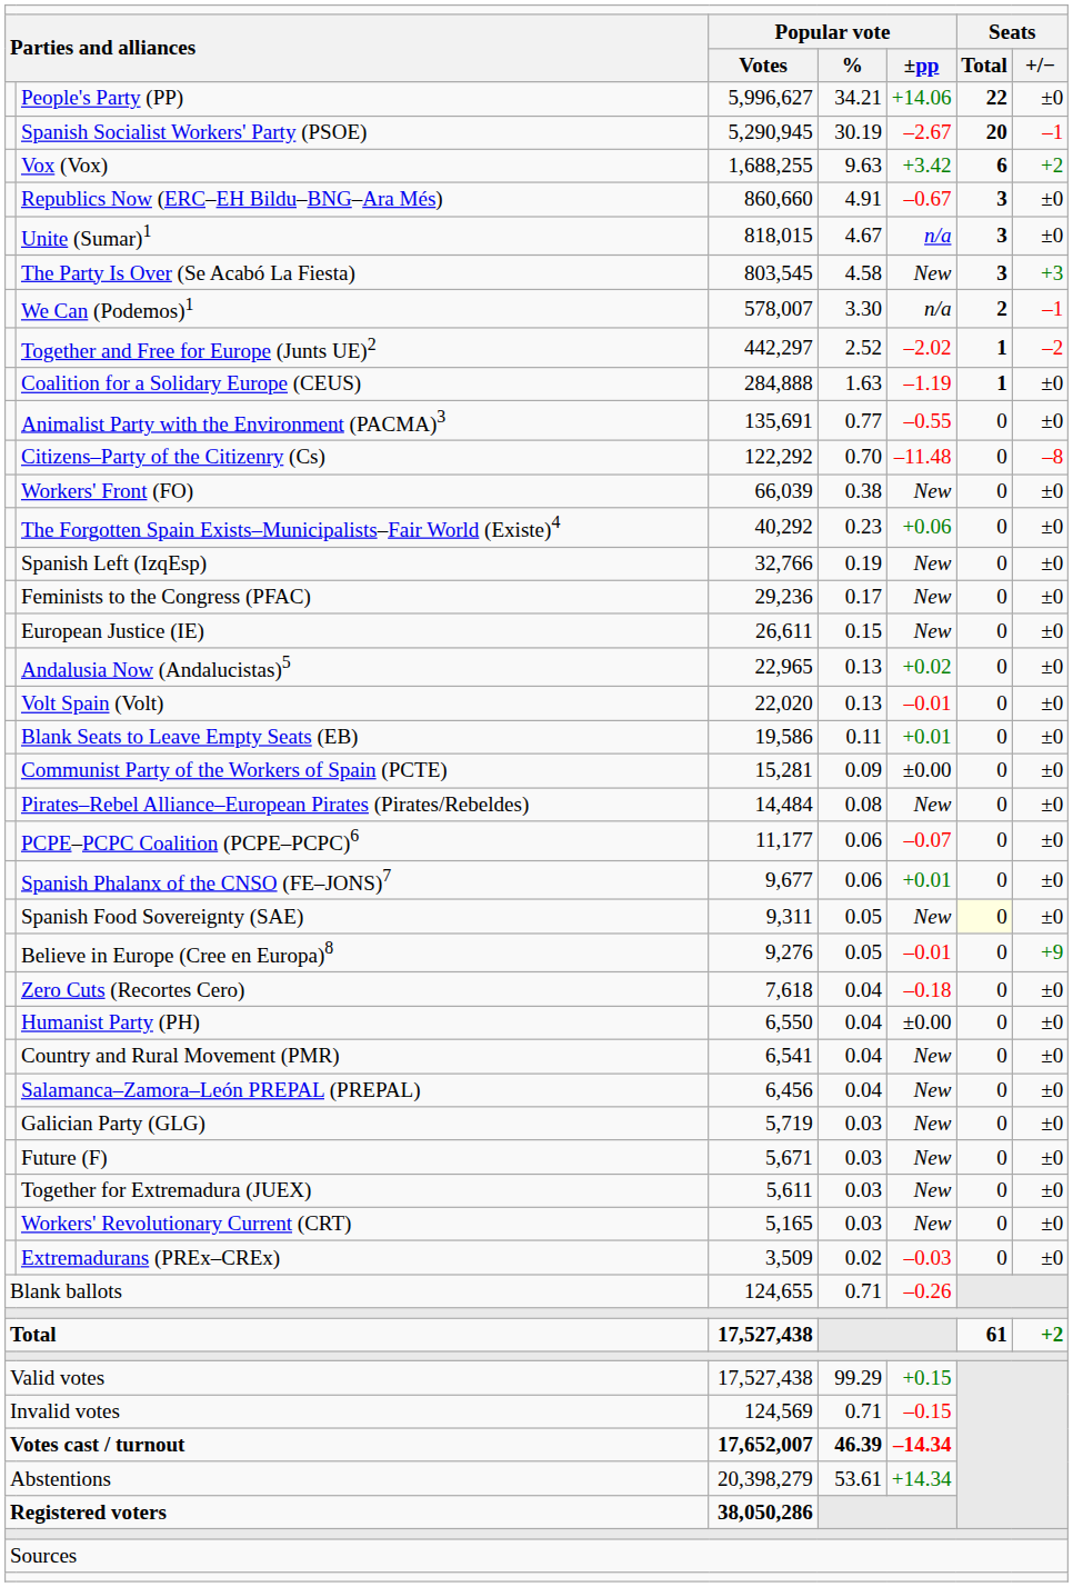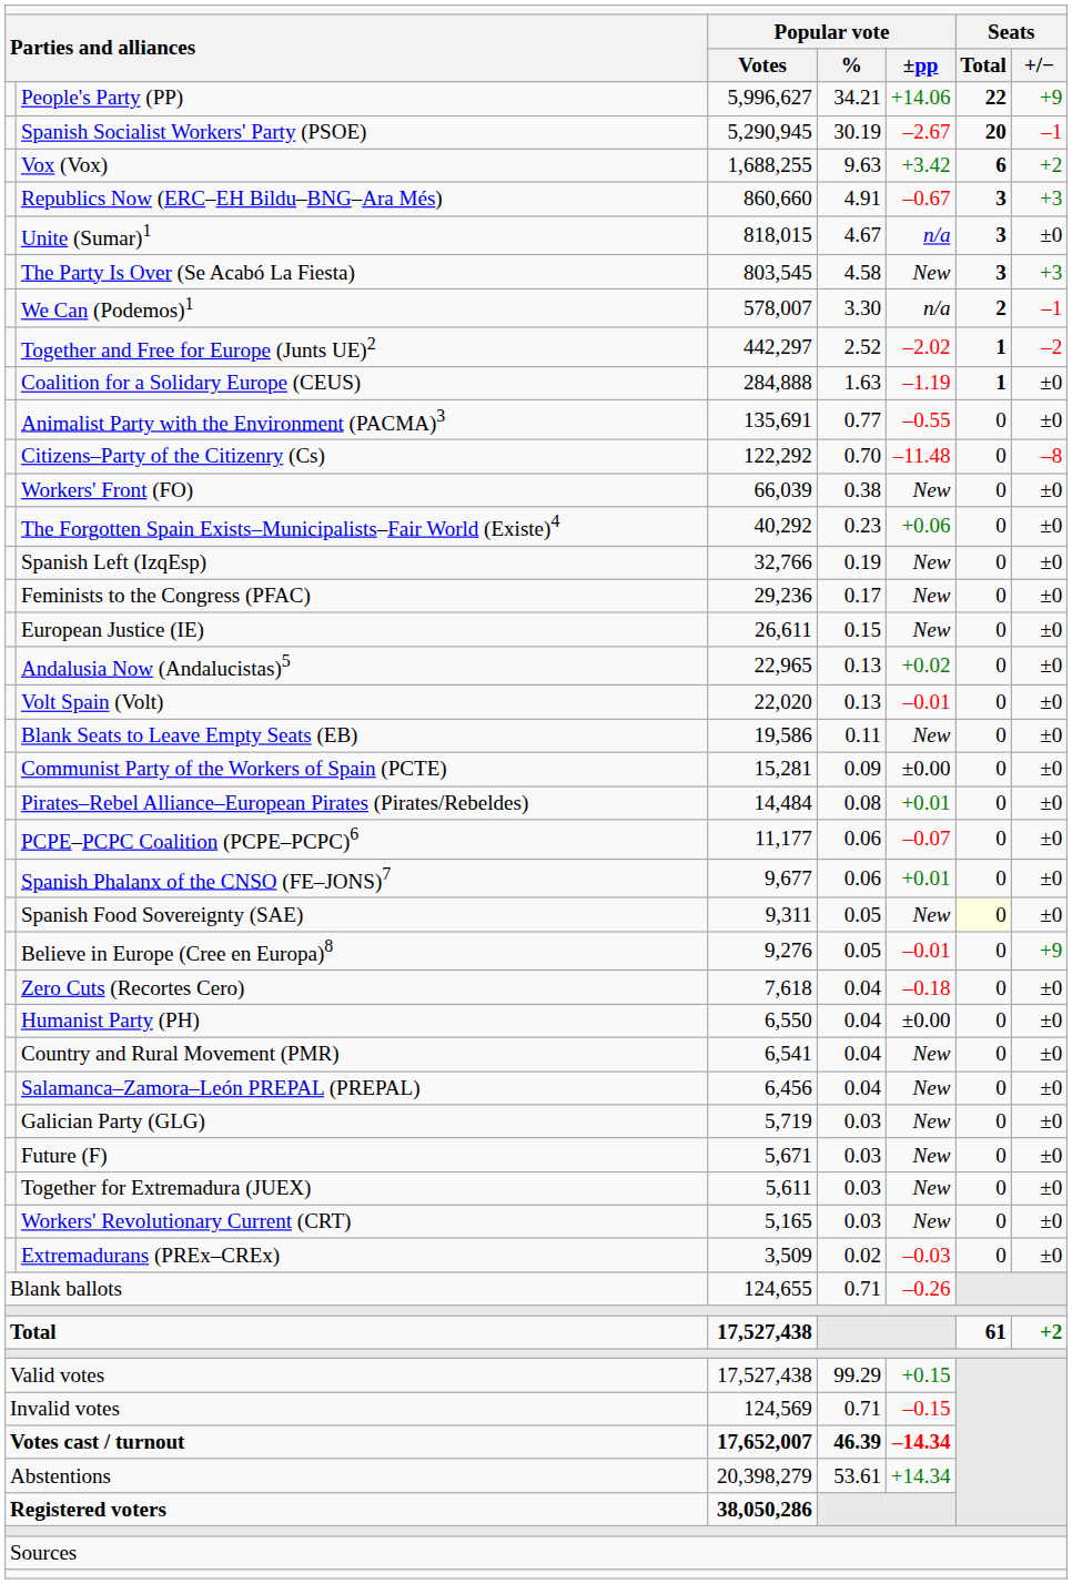 <table class="wikitable" style="text-align:right;">
 <tr>
 <td colspan="7"></td>
 </tr>
 <tr bgcolor="#E9E9E9" align="center">
 <th style="text-align:left;" rowspan="2" colspan="2" width="525">Parties and alliances</th>
 <th colspan="3">Popular vote</th>
 <th colspan="2">Seats</th>
 </tr>
 <tr bgcolor="#E9E9E9" align="center">
 <th width="75">Votes</th>
 <th width="45">%</th>
 <th width="45">±<a href='#'>pp</a></th>
 <th width="35">Total</th>
 <th width="35">+/−</th>
 </tr>
 <tr>
 <td width="1" style="color:inherit;background:"></td>
 <td align="left"><a href='#'>People's Party</a> (PP)</td>
 <td>5,996,627</td>
 <td>34.21</td>
 <td style="color:green;">+14.06</td>
 <td><strong>22</strong></td>
-<td>±0</td>
+<td style="color:green;">+9</td>
 </tr>
 <tr>
 <td style="color:inherit;background:"></td>
 <td align="left"><a href='#'>Spanish Socialist Workers' Party</a> (PSOE)</td>
 <td>5,290,945</td>
 <td>30.19</td>
 <td style="color:red;">–2.67</td>
 <td><strong>20</strong></td>
 <td style="color:red;">–1</td>
 </tr>
 <tr>
 <td style="color:inherit;background:"></td>
 <td align="left"><a href='#'>Vox</a> (Vox)</td>
 <td>1,688,255</td>
 <td>9.63</td>
 <td style="color:green;">+3.42</td>
 <td><strong>6</strong></td>
 <td style="color:green;">+2</td>
 </tr>
 <tr>
 <td style="color:inherit;background:"></td>
 <td align="left"><a href='#'>Republics Now</a> (<a href='#'>ERC</a>–<a href='#'>EH Bildu</a>–<a href='#'>BNG</a>–<a href='#'>Ara Més</a>)</td>
 <td>860,660</td>
 <td>4.91</td>
 <td style="color:red;">–0.67</td>
 <td><strong>3</strong></td>
-<td>±0</td>
+<td style="color:green;">+3</td>
 </tr>
 <tr>
 <td style="color:inherit;background:"></td>
 <td align="left"><a href='#'>Unite</a> (Sumar)<sup>1</sup></td>
 <td>818,015</td>
 <td>4.67</td>
 <td><em><a href='#'>n/a</a></em></td>
 <td><strong>3</strong></td>
 <td>±0</td>
 </tr>
 <tr>
 <td style="color:inherit;background:"></td>
 <td align="left"><a href='#'>The Party Is Over</a> (Se Acabó La Fiesta)</td>
 <td>803,545</td>
 <td>4.58</td>
 <td><em>New</em></td>
 <td><strong>3</strong></td>
 <td style="color:green;">+3</td>
 </tr>
 <tr>
 <td style="color:inherit;background:"></td>
 <td align="left"><a href='#'>We Can</a> (Podemos)<sup>1</sup></td>
 <td>578,007</td>
 <td>3.30</td>
 <td><em>n/a</em></td>
 <td><strong>2</strong></td>
 <td style="color:red;">–1</td>
 </tr>
 <tr>
 <td style="color:inherit;background:"></td>
 <td align="left"><a href='#'>Together and Free for Europe</a> (Junts UE)<sup>2</sup></td>
 <td>442,297</td>
 <td>2.52</td>
 <td style="color:red;">–2.02</td>
 <td><strong>1</strong></td>
 <td style="color:red;">–2</td>
 </tr>
 <tr>
 <td style="color:inherit;background:"></td>
 <td align="left"><a href='#'>Coalition for a Solidary Europe</a> (CEUS)</td>
 <td>284,888</td>
 <td>1.63</td>
 <td style="color:red;">–1.19</td>
 <td><strong>1</strong></td>
 <td>±0</td>
 </tr>
 <tr>
 <td style="color:inherit;background:"></td>
 <td align="left"><a href='#'>Animalist Party with the Environment</a> (PACMA)<sup>3</sup></td>
 <td>135,691</td>
 <td>0.77</td>
 <td style="color:red;">–0.55</td>
 <td>0</td>
 <td>±0</td>
 </tr>
 <tr>
 <td style="color:inherit;background:"></td>
 <td align="left"><a href='#'>Citizens–Party of the Citizenry</a> (Cs)</td>
 <td>122,292</td>
 <td>0.70</td>
 <td style="color:red;">–11.48</td>
 <td>0</td>
 <td style="color:red;">–8</td>
 </tr>
 <tr>
 <td style="color:inherit;background:"></td>
 <td align="left"><a href='#'>Workers' Front</a> (FO)</td>
 <td>66,039</td>
 <td>0.38</td>
 <td><em>New</em></td>
 <td>0</td>
 <td>±0</td>
 </tr>
 <tr>
 <td style="color:inherit;background:"></td>
 <td align="left"><a href='#'>The Forgotten Spain Exists–Municipalists</a>–<a href='#'>Fair World</a> (Existe)<sup>4</sup></td>
 <td>40,292</td>
 <td>0.23</td>
 <td style="color:green;">+0.06</td>
 <td>0</td>
 <td>±0</td>
 </tr>
 <tr>
 <td style="color:inherit;background:"></td>
 <td align="left">Spanish Left (IzqEsp)</td>
 <td>32,766</td>
 <td>0.19</td>
 <td><em>New</em></td>
 <td>0</td>
 <td>±0</td>
 </tr>
 <tr>
 <td style="color:inherit;background:"></td>
 <td align="left">Feminists to the Congress (PFAC)</td>
 <td>29,236</td>
 <td>0.17</td>
 <td><em>New</em></td>
 <td>0</td>
 <td>±0</td>
 </tr>
 <tr>
 <td style="color:inherit;background:"></td>
 <td align="left">European Justice (IE)</td>
 <td>26,611</td>
 <td>0.15</td>
 <td><em>New</em></td>
 <td>0</td>
 <td>±0</td>
 </tr>
 <tr>
 <td style="color:inherit;background:"></td>
 <td align="left"><a href='#'>Andalusia Now</a> (Andalucistas)<sup>5</sup></td>
 <td>22,965</td>
 <td>0.13</td>
 <td style="color:green;">+0.02</td>
 <td>0</td>
 <td>±0</td>
 </tr>
 <tr>
 <td style="color:inherit;background:"></td>
 <td align="left"><a href='#'>Volt Spain</a> (Volt)</td>
 <td>22,020</td>
 <td>0.13</td>
 <td style="color:red;">–0.01</td>
 <td>0</td>
 <td>±0</td>
 </tr>
 <tr>
 <td style="color:inherit;background:"></td>
 <td align="left"><a href='#'>Blank Seats to Leave Empty Seats</a> (EB)</td>
 <td>19,586</td>
 <td>0.11</td>
-<td style="color:green;">+0.01</td>
+<td><em>New</em></td>
 <td>0</td>
 <td>±0</td>
 </tr>
 <tr>
 <td style="color:inherit;background:"></td>
 <td align="left"><a href='#'>Communist Party of the Workers of Spain</a> (PCTE)</td>
 <td>15,281</td>
 <td>0.09</td>
 <td>±0.00</td>
 <td>0</td>
 <td>±0</td>
 </tr>
 <tr>
 <td style="color:inherit;background:"></td>
 <td align="left"><a href='#'>Pirates–Rebel Alliance–European Pirates</a> (Pirates/Rebeldes)</td>
 <td>14,484</td>
 <td>0.08</td>
-<td><em>New</em></td>
+<td style="color:green;">+0.01</td>
 <td>0</td>
 <td>±0</td>
 </tr>
 <tr>
 <td style="color:inherit;background:"></td>
 <td align="left"><a href='#'>PCPE</a>–<a href='#'>PCPC Coalition</a> (PCPE–PCPC)<sup>6</sup></td>
 <td>11,177</td>
 <td>0.06</td>
 <td style="color:red;">–0.07</td>
 <td>0</td>
 <td>±0</td>
 </tr>
 <tr>
 <td style="color:inherit;background:"></td>
 <td align="left"><a href='#'>Spanish Phalanx of the CNSO</a> (FE–JONS)<sup>7</sup></td>
 <td>9,677</td>
 <td>0.06</td>
 <td style="color:green;">+0.01</td>
 <td>0</td>
 <td>±0</td>
 </tr>
 <tr>
 <td style="color:inherit;background:"></td>
 <td align="left">Spanish Food Sovereignty (SAE)</td>
 <td>9,311</td>
 <td>0.05</td>
 <td><em>New</em></td>
 <td style="background: lightyellow;">0</td>
 <td>±0</td>
 </tr>
 <tr>
 <td style="color:inherit;background:"></td>
 <td align="left">Believe in Europe (Cree en Europa)<sup>8</sup></td>
 <td>9,276</td>
 <td>0.05</td>
 <td style="color:red;">–0.01</td>
 <td>0</td>
 <td style="color:green;">+9</td>
 </tr>
 <tr>
 <td style="color:inherit;background:"></td>
 <td align="left"><a href='#'>Zero Cuts</a> (Recortes Cero)</td>
 <td>7,618</td>
 <td>0.04</td>
 <td style="color:red;">–0.18</td>
 <td>0</td>
 <td>±0</td>
 </tr>
 <tr>
 <td style="color:inherit;background:"></td>
 <td align="left"><a href='#'>Humanist Party</a> (PH)</td>
 <td>6,550</td>
 <td>0.04</td>
 <td>±0.00</td>
 <td>0</td>
 <td>±0</td>
 </tr>
 <tr>
 <td style="color:inherit;background:"></td>
 <td align="left">Country and Rural Movement (PMR)</td>
 <td>6,541</td>
 <td>0.04</td>
 <td><em>New</em></td>
 <td>0</td>
 <td>±0</td>
 </tr>
 <tr>
 <td style="color:inherit;background:"></td>
 <td align="left"><a href='#'>Salamanca–Zamora–León PREPAL</a> (PREPAL)</td>
 <td>6,456</td>
 <td>0.04</td>
 <td><em>New</em></td>
 <td>0</td>
 <td>±0</td>
 </tr>
 <tr>
 <td style="color:inherit;background:"></td>
 <td align="left">Galician Party (GLG)</td>
 <td>5,719</td>
 <td>0.03</td>
 <td><em>New</em></td>
 <td>0</td>
 <td>±0</td>
 </tr>
 <tr>
 <td style="color:inherit;background:"></td>
 <td align="left">Future (F)</td>
 <td>5,671</td>
 <td>0.03</td>
 <td><em>New</em></td>
 <td>0</td>
 <td>±0</td>
 </tr>
 <tr>
 <td style="color:inherit;background:"></td>
 <td align="left">Together for Extremadura (JUEX)</td>
 <td>5,611</td>
 <td>0.03</td>
 <td><em>New</em></td>
 <td>0</td>
 <td>±0</td>
 </tr>
 <tr>
 <td style="color:inherit;background:"></td>
 <td align="left"><a href='#'>Workers' Revolutionary Current</a> (CRT)</td>
 <td>5,165</td>
 <td>0.03</td>
 <td><em>New</em></td>
 <td>0</td>
 <td>±0</td>
 </tr>
 <tr>
 <td style="color:inherit;background:"></td>
 <td align="left"><a href='#'>Extremadurans</a> (PREx–CREx)</td>
 <td>3,509</td>
 <td>0.02</td>
 <td style="color:red;">–0.03</td>
 <td>0</td>
 <td>±0</td>
 </tr>
 <tr>
 <td align="left" colspan="2">Blank ballots</td>
 <td>124,655</td>
 <td>0.71</td>
 <td style="color:red;">–0.26</td>
 <td bgcolor="#E9E9E9" colspan="2"></td>
 </tr>
 <tr>
 <td colspan="7" bgcolor="#E9E9E9"></td>
 </tr>
 <tr style="font-weight:bold;">
 <td align="left" colspan="2">Total</td>
 <td>17,527,438</td>
 <td bgcolor="#E9E9E9" colspan="2"></td>
 <td>61</td>
 <td style="color:green;">+2</td>
 </tr>
 <tr>
 <td colspan="7" bgcolor="#E9E9E9"></td>
 </tr>
 <tr>
 <td align="left" colspan="2">Valid votes</td>
 <td>17,527,438</td>
 <td>99.29</td>
 <td style="color:green;">+0.15</td>
 <td bgcolor="#E9E9E9" colspan="2" rowspan="5"></td>
 </tr>
 <tr>
 <td align="left" colspan="2">Invalid votes</td>
 <td>124,569</td>
 <td>0.71</td>
 <td style="color:red;">–0.15</td>
 </tr>
 <tr style="font-weight:bold;">
 <td align="left" colspan="2">Votes cast / turnout</td>
 <td>17,652,007</td>
 <td>46.39</td>
 <td style="color:red;">–14.34</td>
 </tr>
 <tr>
 <td align="left" colspan="2">Abstentions</td>
 <td>20,398,279</td>
 <td>53.61</td>
 <td style="color:green;">+14.34</td>
 </tr>
 <tr style="font-weight:bold;">
 <td align="left" colspan="2">Registered voters</td>
 <td>38,050,286</td>
 <td bgcolor="#E9E9E9" colspan="2"></td>
 </tr>
 <tr>
 <td colspan="7" bgcolor="#E9E9E9"></td>
 </tr>
 <tr>
 <td align="left" colspan="7">Sources</td>
 </tr>
 <tr>
 <td colspan="7" style="text-align:left; max-width:790px;"></td>
 </tr>
 </table>
